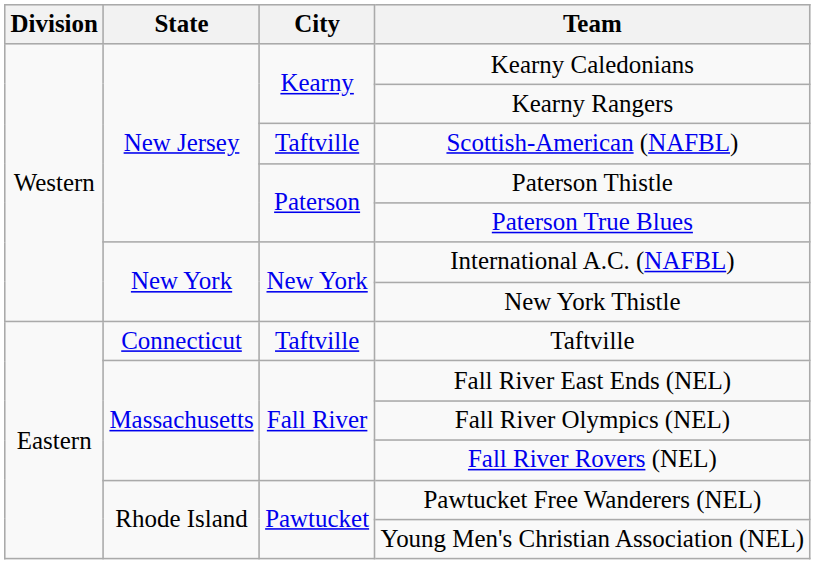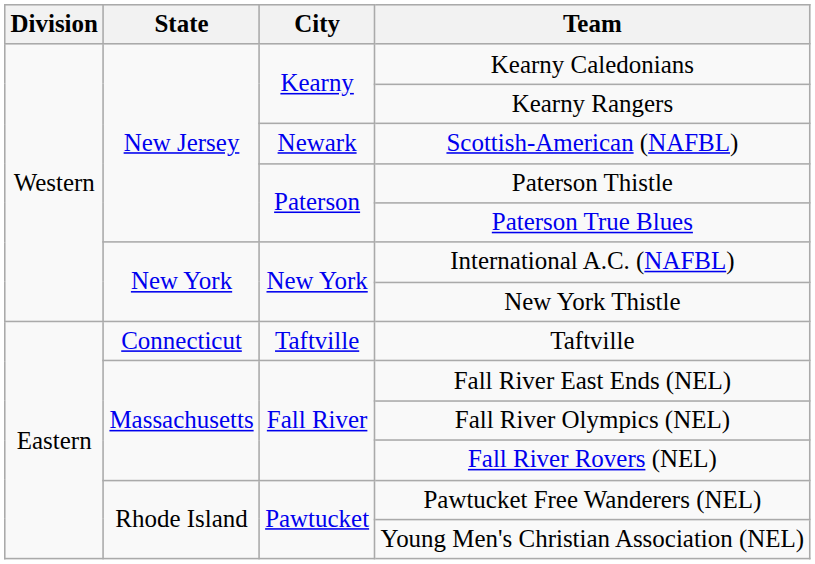 <table class= "wikitable sortable" style="text-align:center">
 <tr>
 <th>Division</th>
 <th>State</th>
 <th>City</th>
 <th>Team</th>
 </tr>
 <tr>
 <td rowspan=7>Western</td>
 <td rowspan=5><a href='#'>New Jersey</a></td>
 <td rowspan=2><a href='#'>Kearny</a></td>
 <td>Kearny Caledonians</td>
 </tr>
 <tr>
 <td>Kearny Rangers</td>
 </tr>
 <tr>
-<td><a href='#'>Taftville</a></td>
+<td><a href='#'>Newark</a></td>
 <td><a href='#'>Scottish-American</a> (<a href='#'>NAFBL</a>)</td>
 </tr>
 <tr>
 <td rowspan=2><a href='#'>Paterson</a></td>
 <td>Paterson Thistle</td>
 </tr>
 <tr>
 <td><a href='#'>Paterson True Blues</a></td>
 </tr>
 <tr>
 <td rowspan=2><a href='#'>New York</a></td>
 <td rowspan=2><a href='#'>New York</a></td>
 <td>International A.C. (<a href='#'>NAFBL</a>)</td>
 </tr>
 <tr>
 <td>New York Thistle</td>
 </tr>
 <tr>
 <td rowspan=6>Eastern</td>
 <td><a href='#'>Connecticut</a></td>
 <td><a href='#'>Taftville</a></td>
 <td>Taftville</td>
 </tr>
 <tr>
 <td rowspan=3><a href='#'>Massachusetts</a></td>
 <td rowspan=3><a href='#'>Fall River</a></td>
 <td>Fall River East Ends (NEL)</td>
 </tr>
 <tr>
 <td>Fall River Olympics (NEL)</td>
 </tr>
 <tr>
 <td><a href='#'>Fall River Rovers</a> (NEL)</td>
 </tr>
 <tr>
 <td rowspan=2>Rhode Island</td>
 <td rowspan=2><a href='#'>Pawtucket</a></td>
 <td>Pawtucket Free Wanderers (NEL)</td>
 </tr>
 <tr>
 <td>Young Men's Christian Association (NEL)</td>
 </tr>
 </table>
